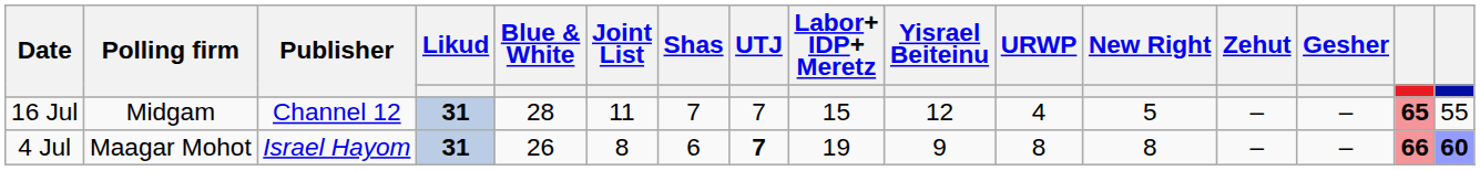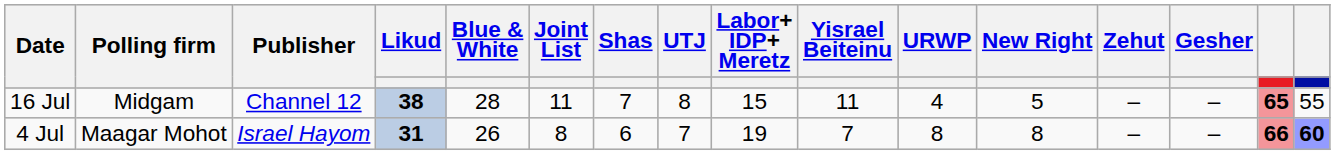 <table class="wikitable sortable" style="text-align:center;font-size:90%;line-height:13px">
 <tr>
 <th rowspan="2">Date</th>
 <th rowspan="2">Polling firm</th>
 <th rowspan="2">Publisher</th>
 <th><a href='#'>Likud</a></th>
 <th><a href='#'>Blue &<br>White</a></th>
 <th><a href='#'>Joint<br>List</a></th>
 <th><a href='#'>Shas</a></th>
 <th><a href='#'>UTJ</a></th>
 <th><a href='#'>Labor</a>+<br><a href='#'>IDP</a>+<br><a href='#'>Meretz</a></th>
 <th><a href='#'>Yisrael<br>Beiteinu</a></th>
 <th><a href='#'>URWP</a></th>
 <th><a href='#'>New Right</a></th>
 <th><a href='#'>Zehut</a></th>
 <th><a href='#'>Gesher</a></th>
 <th></th>
 <th></th>
 </tr>
 <tr>
 <th style="background:"></th>
 <th style="background:"></th>
 <th style="background:"></th>
 <th style="background:"></th>
 <th style="background:"></th>
 <th style="background:"></th>
 <th style="background:"></th>
 <th style="background:"></th>
 <th style="background:"></th>
 <th style="background:"></th>
 <th style="background:"></th>
 <th style="background:#E81B23;"></th>
 <th style="background:#000EA3;"></th>
 </tr>
 <tr>
 <td data-sort-value="2019-07-16">16 Jul</td>
 <td>Midgam</td>
 <td><a href='#'>Channel 12</a></td>
-<td style="background:#BBCDE4"><strong>31</strong>	</td>
+<td style="background:#BBCDE4"><strong>38</strong>	</td>
 <td>28					</td>
 <td>11					</td>
 <td>7					</td>
-<td>7					</td>
+<td>8					</td>
 <td>15					</td>
-<td>12					</td>
+<td>11					</td>
 <td>4					</td>
 <td>5					</td>
 <td>–					</td>
 <td>–					</td>
 <td style="background:#F4959A"><strong>65</strong>	</td>
 <td>55					</td>
 </tr>
 <tr>
 <td data-sort-value="2019-07-04">4 Jul</td>
 <td>Maagar Mohot</td>
 <td><em><a href='#'>Israel Hayom</a></em></td>
 <td style="background:#BBCDE4"><strong>31</strong>	</td>
 <td>26					</td>
 <td>8					</td>
 <td>6					</td>
-<td><strong>7					</strong></td>
+<td>7					</td>
 <td>19					</td>
-<td>9					</td>
+<td>7					</td>
 <td>8					</td>
 <td>8					</td>
 <td>–					</td>
 <td>–					</td>
 <td style="background:#F4959A"><strong>66</strong>	</td>
 <td style="background:#939BFF"><strong>60</strong>	</td>
 </tr>
 </table>
